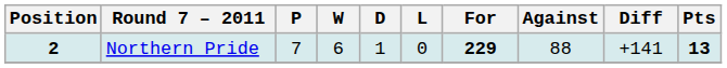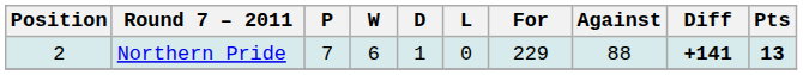 <table class="wikitable" style="text-align:center; font-size:85%;">
 <tr>
 <th width=40 abbr="Position">Position</th>
 <th width=100>Round 7 – 2011</th>
 <th width=20 abbr="Played">P</th>
 <th width=20 abbr="Won">W</th>
 <th width=20 abbr="Drawn">D</th>
 <th width=20 abbr="Lost">L</th>
 <th width=40 abbr="Points for">For</th>
 <th width=40 abbr="Points against">Against</th>
 <th width=40 abbr="Points difference">Diff</th>
 <th width=20 abbr="Points">Pts</th>
 </tr>
 <tr style="background: #d7ebed;">
-<td><strong>2</strong></td>
+<td>2</td>
 <td style="text-align:left;"> <a href='#'>Northern Pride</a></td>
 <td>7</td>
 <td>6</td>
 <td>1</td>
 <td>0</td>
-<td><strong>229</strong></td>
+<td>229</td>
 <td>88</td>
-<td>+141</td>
+<td><strong>+141</strong></td>
 <td><strong>13</strong></td>
 </tr>
 <tr>
 </tr>
 </table>
